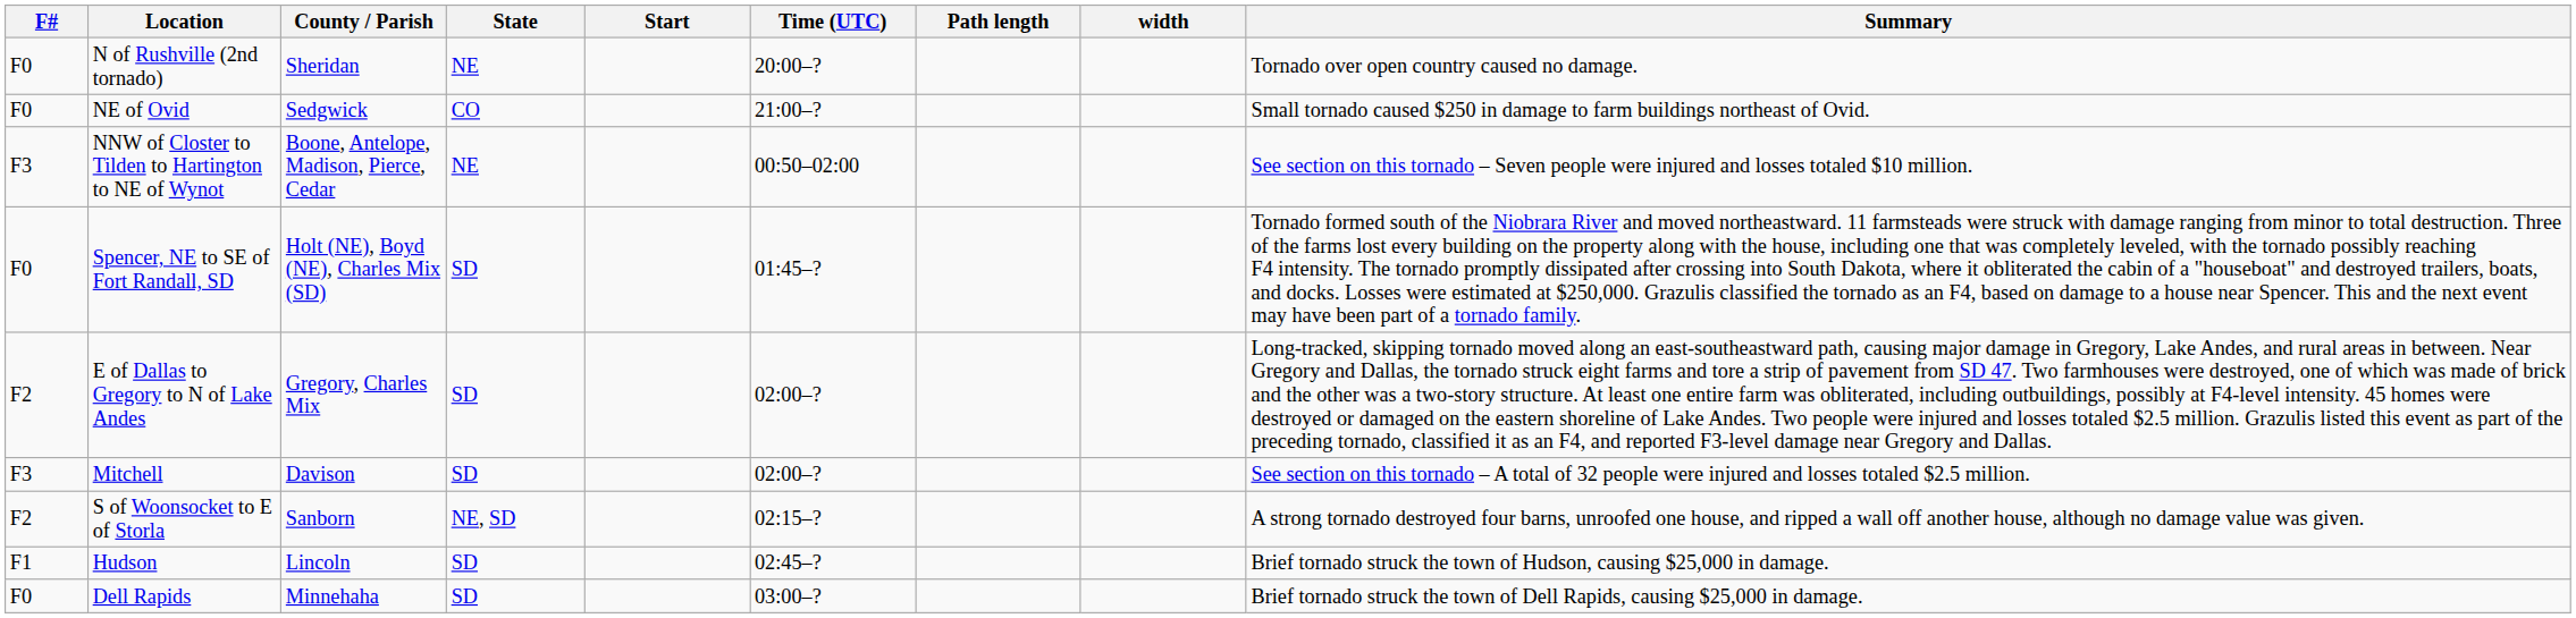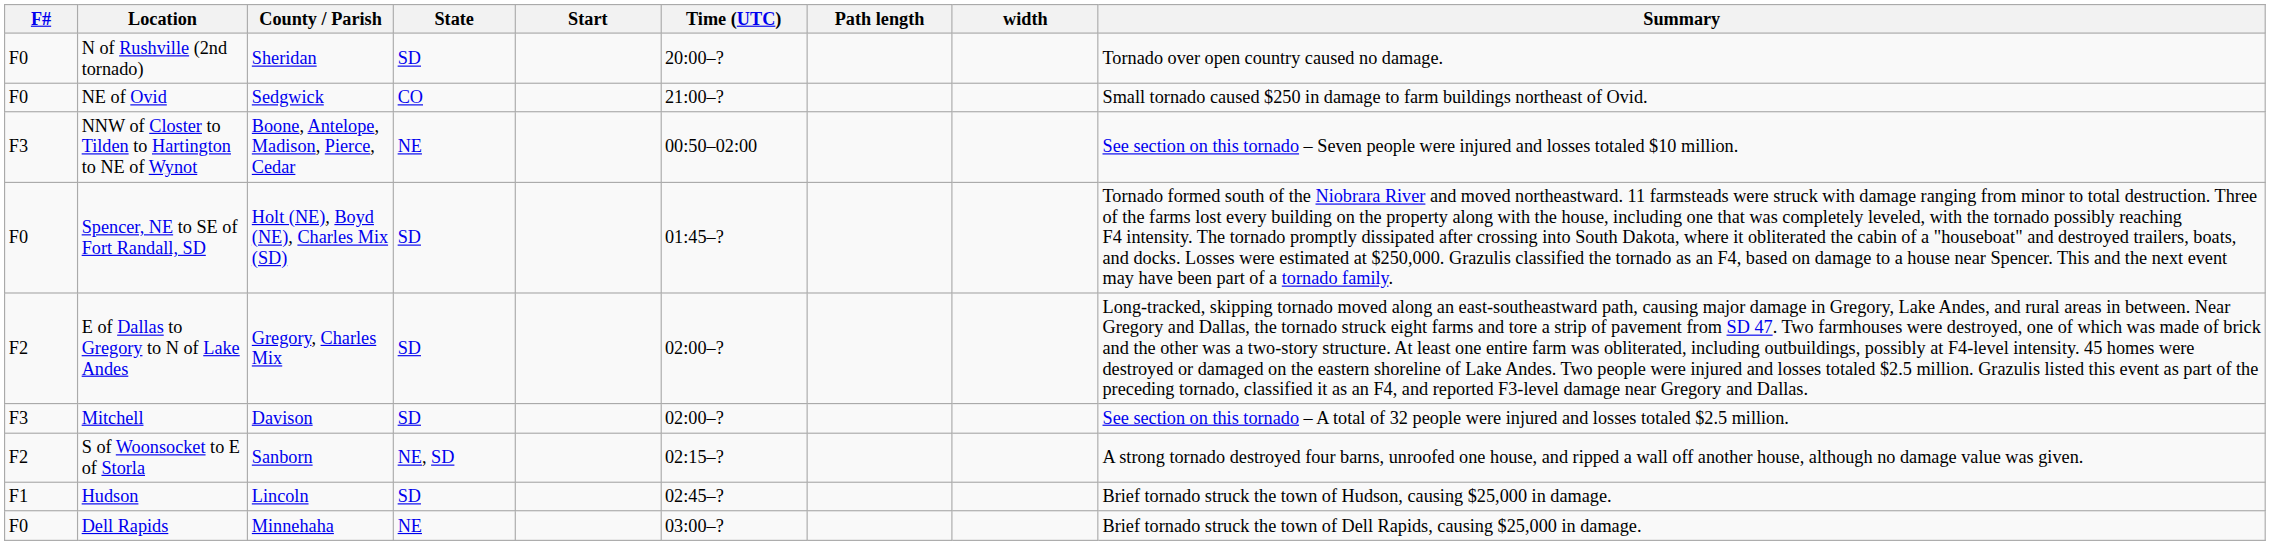 <table class="wikitable sortable" style="width:100%;">
 <tr>
 <th scope="col"  style="width:3%; text-align:center;"><a href='#'>F#</a></th>
 <th scope="col"  style="width:7%; text-align:center;" class="unsortable">Location</th>
 <th scope="col"  style="width:6%; text-align:center;" class="unsortable">County / Parish</th>
 <th scope="col"  style="width:5%; text-align:center;">State</th>
 <th scope="col"  style="width:6%; text-align:center;">Start<br></th>
 <th scope="col"  style="width:6%; text-align:center;">Time (<a href='#'>UTC</a>)</th>
 <th scope="col"  style="width:6%; text-align:center;">Path length</th>
 <th scope="col"  style="width:6%; text-align:center;"> width</th>
 <th scope="col" class="unsortable" style="width:48%; text-align:center;">Summary</th>
 </tr>
 <tr>
 <td>F0</td>
 <td>N of <a href='#'>Rushville</a> (2nd tornado)</td>
 <td><a href='#'>Sheridan</a></td>
-<td><a href='#'>NE</a></td>
+<td><a href='#'>SD</a></td>
 <td></td>
 <td>20:00–?</td>
 <td></td>
 <td></td>
 <td>Tornado over open country caused no damage.</td>
 </tr>
 <tr>
 <td>F0</td>
 <td>NE of <a href='#'>Ovid</a></td>
 <td><a href='#'>Sedgwick</a></td>
 <td><a href='#'>CO</a></td>
 <td></td>
 <td>21:00–?</td>
 <td></td>
 <td></td>
 <td>Small tornado caused $250 in damage to farm buildings northeast of Ovid.</td>
 </tr>
 <tr>
 <td>F3</td>
 <td>NNW of <a href='#'>Closter</a> to <a href='#'>Tilden</a> to <a href='#'>Hartington</a> to NE of <a href='#'>Wynot</a></td>
 <td><a href='#'>Boone</a>, <a href='#'>Antelope</a>, <a href='#'>Madison</a>, <a href='#'>Pierce</a>, <a href='#'>Cedar</a></td>
 <td><a href='#'>NE</a></td>
 <td></td>
 <td>00:50–02:00</td>
 <td></td>
 <td></td>
 <td><a href='#'>See section on this tornado</a> – Seven people were injured and losses totaled $10 million.</td>
 </tr>
 <tr>
 <td>F0</td>
 <td><a href='#'>Spencer, NE</a> to SE of <a href='#'>Fort Randall, SD</a></td>
 <td><a href='#'>Holt (NE)</a>, <a href='#'>Boyd (NE)</a>, <a href='#'>Charles Mix (SD)</a></td>
 <td><a href='#'>SD</a></td>
 <td></td>
 <td>01:45–?</td>
 <td></td>
 <td></td>
 <td>Tornado formed south of the <a href='#'>Niobrara River</a> and moved northeastward. 11 farmsteads were struck with damage ranging from minor to total destruction. Three of the farms lost every building on the property along with the house, including one that was completely leveled, with the tornado possibly reaching F4 intensity. The tornado promptly dissipated after crossing into South Dakota, where it obliterated the cabin of a "houseboat" and destroyed trailers, boats, and docks. Losses were estimated at $250,000. Grazulis classified the tornado as an F4, based on damage to a house near Spencer. This and the next event may have been part of a <a href='#'>tornado family</a>.</td>
 </tr>
 <tr>
 <td>F2</td>
 <td>E of <a href='#'>Dallas</a> to <a href='#'>Gregory</a> to N of <a href='#'>Lake Andes</a></td>
 <td><a href='#'>Gregory</a>, <a href='#'>Charles Mix</a></td>
 <td><a href='#'>SD</a></td>
 <td></td>
 <td>02:00–?</td>
 <td></td>
 <td></td>
 <td>Long-tracked, skipping tornado moved along an east-southeastward path, causing major damage in Gregory, Lake Andes, and rural areas in between. Near Gregory and Dallas, the tornado struck eight farms and tore a  strip of pavement from <a href='#'>SD 47</a>. Two farmhouses were destroyed, one of which was made of brick and the other was a two-story structure. At least one entire farm was obliterated, including outbuildings, possibly at F4-level intensity. 45 homes were destroyed or damaged on the eastern shoreline of Lake Andes. Two people were injured and losses totaled $2.5 million. Grazulis listed this event as part of the preceding tornado, classified it as an F4, and reported F3-level damage near Gregory and Dallas.</td>
 </tr>
 <tr>
 <td>F3</td>
 <td><a href='#'>Mitchell</a></td>
 <td><a href='#'>Davison</a></td>
 <td><a href='#'>SD</a></td>
 <td></td>
 <td>02:00–?</td>
 <td></td>
 <td></td>
 <td><a href='#'>See section on this tornado</a> – A total of 32 people were injured and losses totaled $2.5 million.</td>
 </tr>
 <tr>
 <td>F2</td>
 <td>S of <a href='#'>Woonsocket</a> to E of <a href='#'>Storla</a></td>
 <td><a href='#'>Sanborn</a></td>
 <td><a href='#'>NE</a>, <a href='#'>SD</a></td>
 <td></td>
 <td>02:15–?</td>
 <td></td>
 <td></td>
 <td>A strong tornado destroyed four barns, unroofed one house, and ripped a wall off another house, although no damage value was given.</td>
 </tr>
 <tr>
 <td>F1</td>
 <td><a href='#'>Hudson</a></td>
 <td><a href='#'>Lincoln</a></td>
 <td><a href='#'>SD</a></td>
 <td></td>
 <td>02:45–?</td>
 <td></td>
 <td></td>
 <td>Brief tornado struck the town of Hudson, causing $25,000 in damage.</td>
 </tr>
 <tr>
 <td>F0</td>
 <td><a href='#'>Dell Rapids</a></td>
 <td><a href='#'>Minnehaha</a></td>
-<td><a href='#'>SD</a></td>
+<td><a href='#'>NE</a></td>
 <td></td>
 <td>03:00–?</td>
 <td></td>
 <td></td>
 <td>Brief tornado struck the town of Dell Rapids, causing $25,000 in damage.</td>
 </tr>
 </table>
